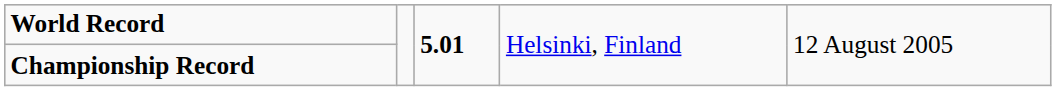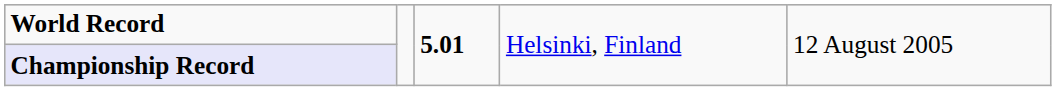 <table class="wikitable" width=75%>
 <tr>
 <td><strong>World Record</strong></td>
 <td rowspan="2"></td>
 <td rowspan="2"><strong>5.01</strong></td>
 <td rowspan="2"><a href='#'>Helsinki</a>, <a href='#'>Finland</a></td>
 <td rowspan="2">12 August 2005</td>
 </tr>
 <tr>
-<td><strong>Championship Record</strong></td>
+<td style="background: lavender;"><strong>Championship Record</strong></td>
 </tr>
 </table>
